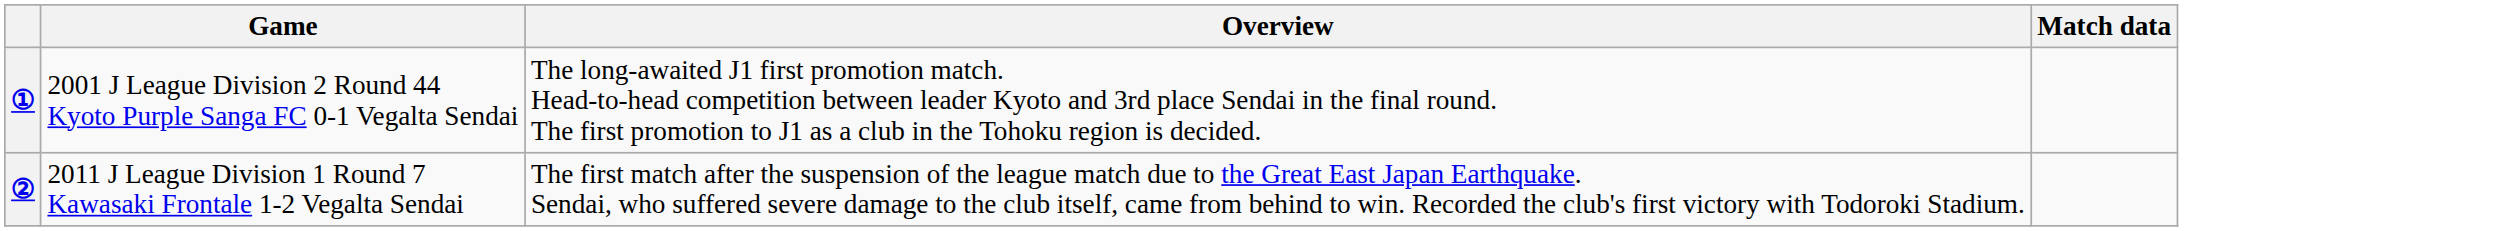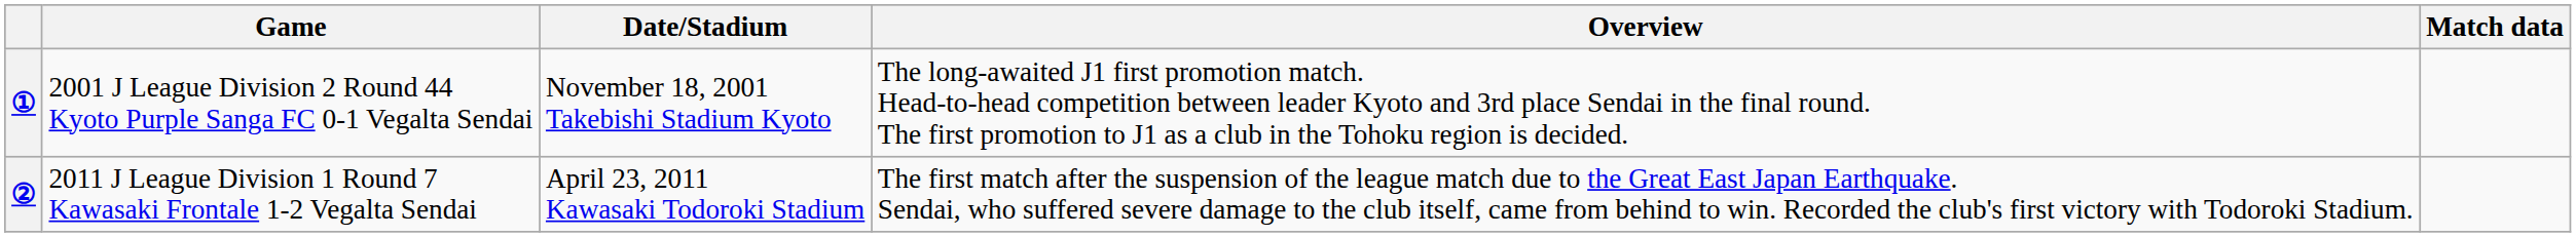 <table class="wikitable">
 <tr>
 <th></th>
 <th>Game</th>
+<th>Date/Stadium</th>
 <th>Overview</th>
 <th>Match data</th>
 </tr>
 <tr>
 <th><a href='#'>①</a></th>
 <td>2001 J League Division 2 Round 44<br><a href='#'>Kyoto Purple Sanga FC</a> 0-1 Vegalta Sendai</td>
+<td>November 18, 2001<br><a href='#'>Takebishi Stadium Kyoto</a></td>
 <td>The long-awaited J1 first promotion match.<br>Head-to-head competition between leader Kyoto and 3rd place Sendai in the final round.<br>The first promotion to J1 as a club in the Tohoku region is decided.</td>
 <td></td>
 </tr>
 <tr>
 <th><a href='#'>②</a></th>
 <td>2011 J League Division 1 Round 7<br><a href='#'>Kawasaki Frontale</a> 1-2 Vegalta Sendai</td>
+<td>April 23, 2011<br><a href='#'>Kawasaki Todoroki Stadium</a></td>
 <td>The first match after the suspension of the league match due to <a href='#'>the Great East Japan Earthquake</a>.<br>Sendai, who suffered severe damage to the club itself, came from behind to win.  Recorded the club's first victory with Todoroki Stadium.</td>
 <td></td>
 </tr>
 </table>
